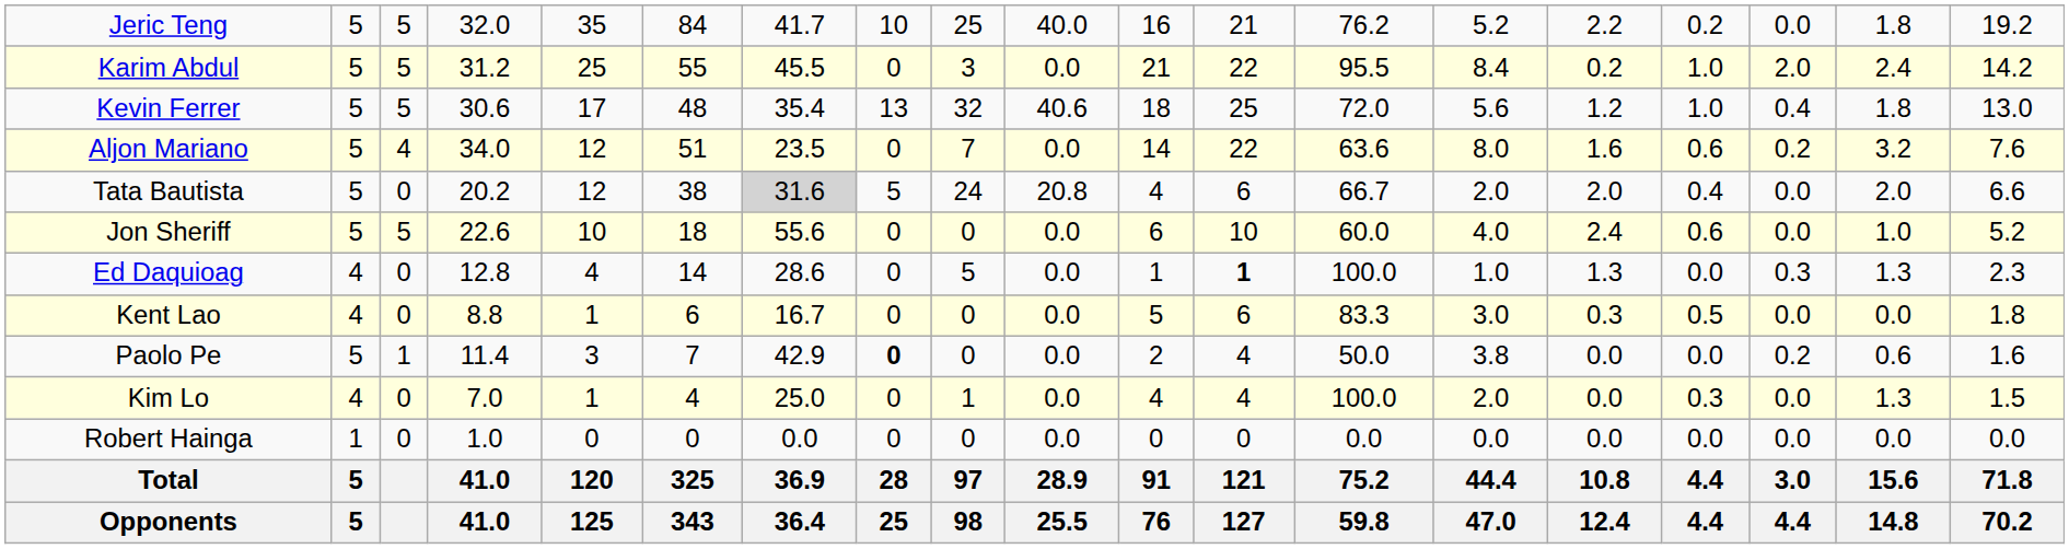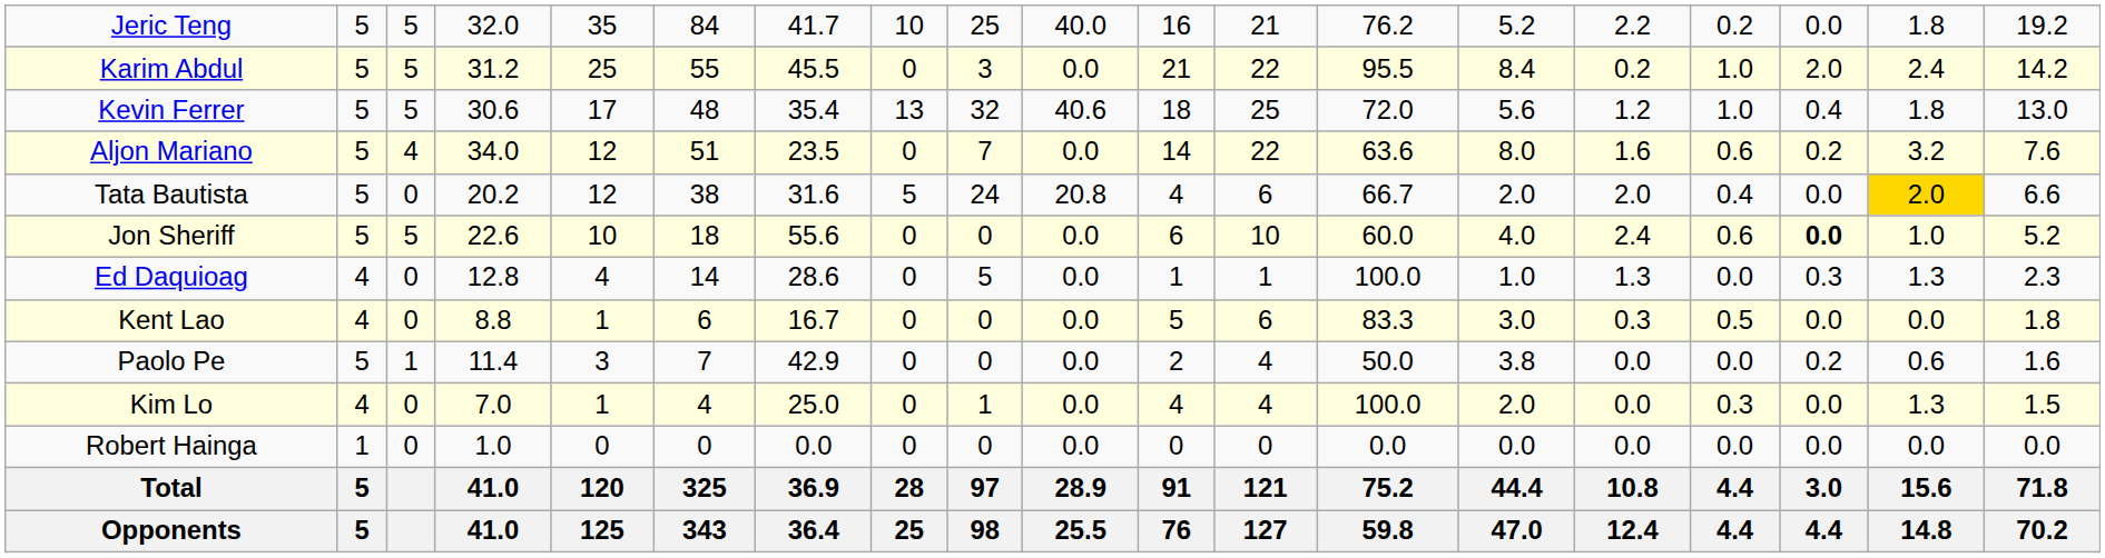 <table class=wikitable width=100%>
 <tr align=center>
 <td><a href='#'>Jeric Teng</a></td>
 <td>5</td>
 <td>5</td>
 <td>32.0</td>
 <td>35</td>
 <td>84</td>
 <td>41.7</td>
 <td>10</td>
 <td>25</td>
 <td>40.0</td>
 <td>16</td>
 <td>21</td>
 <td>76.2</td>
 <td>5.2</td>
 <td>2.2</td>
 <td>0.2</td>
 <td>0.0</td>
 <td>1.8</td>
 <td style=>19.2</td>
 </tr>
 <tr bgcolor=#ffffdd align=center>
 <td><a href='#'>Karim Abdul</a></td>
 <td>5</td>
 <td>5</td>
 <td>31.2</td>
 <td>25</td>
 <td>55</td>
 <td>45.5</td>
 <td>0</td>
 <td>3</td>
 <td>0.0</td>
 <td>21</td>
 <td>22</td>
 <td>95.5</td>
 <td style=>8.4</td>
 <td>0.2</td>
 <td style=>1.0</td>
 <td style=>2.0</td>
 <td>2.4</td>
 <td>14.2</td>
 </tr>
 <tr align=center>
 <td><a href='#'>Kevin Ferrer</a></td>
 <td>5</td>
 <td>5</td>
 <td>30.6</td>
 <td>17</td>
 <td>48</td>
 <td>35.4</td>
 <td>13</td>
 <td>32</td>
 <td style=>40.6</td>
 <td>18</td>
 <td>25</td>
 <td>72.0</td>
 <td>5.6</td>
 <td>1.2</td>
 <td style=>1.0</td>
 <td>0.4</td>
 <td>1.8</td>
 <td>13.0</td>
 </tr>
 <tr bgcolor=#ffffdd align=center>
 <td><a href='#'>Aljon Mariano</a></td>
 <td>5</td>
 <td>4</td>
 <td style=>34.0</td>
 <td>12</td>
 <td>51</td>
 <td>23.5</td>
 <td>0</td>
 <td>7</td>
 <td>0.0</td>
 <td>14</td>
 <td>22</td>
 <td>63.6</td>
 <td>8.0</td>
 <td>1.6</td>
 <td>0.6</td>
 <td>0.2</td>
 <td>3.2</td>
 <td>7.6</td>
 </tr>
 <tr align=center>
 <td>Tata Bautista</td>
 <td>5</td>
 <td>0</td>
 <td>20.2</td>
 <td>12</td>
 <td>38</td>
-<td style="background: lightgrey;">31.6</td>
+<td>31.6</td>
 <td>5</td>
 <td>24</td>
 <td>20.8</td>
 <td>4</td>
 <td>6</td>
 <td>66.7</td>
 <td>2.0</td>
 <td>2.0</td>
 <td>0.4</td>
 <td>0.0</td>
-<td>2.0</td>
+<td style="background: gold;">2.0</td>
 <td>6.6</td>
 </tr>
 <tr bgcolor=#ffffdd align=center>
 <td>Jon Sheriff</td>
 <td>5</td>
 <td>5</td>
 <td>22.6</td>
 <td>10</td>
 <td>18</td>
 <td style=>55.6</td>
 <td>0</td>
 <td>0</td>
 <td>0.0</td>
 <td>6</td>
 <td>10</td>
 <td>60.0</td>
 <td>4.0</td>
 <td style=>2.4</td>
 <td>0.6</td>
-<td>0.0</td>
+<td><strong>0.0</strong></td>
 <td>1.0</td>
 <td>5.2</td>
 </tr>
 <tr align=center>
 <td><a href='#'>Ed Daquioag</a></td>
 <td>4</td>
 <td>0</td>
 <td>12.8</td>
 <td>4</td>
 <td>14</td>
 <td>28.6</td>
 <td>0</td>
 <td>5</td>
 <td>0.0</td>
 <td>1</td>
-<td><strong>1</strong></td>
+<td>1</td>
 <td style=>100.0</td>
 <td>1.0</td>
 <td>1.3</td>
 <td>0.0</td>
 <td>0.3</td>
 <td>1.3</td>
 <td>2.3</td>
 </tr>
 <tr bgcolor=#ffffdd align=center>
 <td>Kent Lao</td>
 <td>4</td>
 <td>0</td>
 <td>8.8</td>
 <td>1</td>
 <td>6</td>
 <td>16.7</td>
 <td>0</td>
 <td>0</td>
 <td>0.0</td>
 <td>5</td>
 <td>6</td>
 <td>83.3</td>
 <td>3.0</td>
 <td>0.3</td>
 <td>0.5</td>
 <td>0.0</td>
 <td>0.0</td>
 <td>1.8</td>
 </tr>
 <tr align=center>
 <td>Paolo Pe</td>
 <td>5</td>
 <td>1</td>
 <td>11.4</td>
 <td>3</td>
 <td>7</td>
 <td>42.9</td>
-<td><strong>0</strong></td>
+<td>0</td>
 <td>0</td>
 <td>0.0</td>
 <td>2</td>
 <td>4</td>
 <td>50.0</td>
 <td>3.8</td>
 <td>0.0</td>
 <td>0.0</td>
 <td>0.2</td>
 <td>0.6</td>
 <td>1.6</td>
 </tr>
 <tr bgcolor=#ffffdd align=center>
 <td>Kim Lo</td>
 <td>4</td>
 <td>0</td>
 <td>7.0</td>
 <td>1</td>
 <td>4</td>
 <td>25.0</td>
 <td>0</td>
 <td>1</td>
 <td>0.0</td>
 <td>4</td>
 <td>4</td>
 <td style=>100.0</td>
 <td>2.0</td>
 <td>0.0</td>
 <td>0.3</td>
 <td>0.0</td>
 <td>1.3</td>
 <td>1.5</td>
 </tr>
 <tr align=center>
 <td>Robert Hainga</td>
 <td>1</td>
 <td>0</td>
 <td>1.0</td>
 <td>0</td>
 <td>0</td>
 <td>0.0</td>
 <td>0</td>
 <td>0</td>
 <td>0.0</td>
 <td>0</td>
 <td>0</td>
 <td>0.0</td>
 <td>0.0</td>
 <td>0.0</td>
 <td>0.0</td>
 <td>0.0</td>
 <td>0.0</td>
 <td>0.0</td>
 </tr>
 <tr class=sortbottom>
 <th>Total</th>
 <th>5</th>
 <th></th>
 <th>41.0</th>
 <th>120</th>
 <th>325</th>
 <th>36.9</th>
 <th>28</th>
 <th>97</th>
 <th>28.9</th>
 <th>91</th>
 <th>121</th>
 <th>75.2</th>
 <th>44.4</th>
 <th>10.8</th>
 <th>4.4</th>
 <th>3.0</th>
 <th>15.6</th>
 <th>71.8</th>
 </tr>
 <tr class=sortbottom>
 <th>Opponents</th>
 <th>5</th>
 <th></th>
 <th>41.0</th>
 <th>125</th>
 <th>343</th>
 <th>36.4</th>
 <th>25</th>
 <th>98</th>
 <th>25.5</th>
 <th>76</th>
 <th>127</th>
 <th>59.8</th>
 <th>47.0</th>
 <th>12.4</th>
 <th>4.4</th>
 <th>4.4</th>
 <th>14.8</th>
 <th>70.2</th>
 </tr>
 </table>
